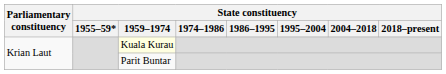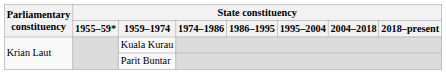 <table class="wikitable">
 <tr>
 <th rowspan="2">Parliamentary<br>constituency</th>
 <th colspan="7">State constituency</th>
 </tr>
 <tr>
 <th>1955–59*</th>
 <th>1959–1974</th>
 <th>1974–1986</th>
 <th>1986–1995</th>
 <th>1995–2004</th>
 <th>2004–2018</th>
 <th>2018–present</th>
 </tr>
 <tr>
 <td rowspan="2">Krian Laut</td>
 <td rowspan="2" bgcolor="dcdcdc"></td>
-<td style="background: lightyellow;">Kuala Kurau</td>
+<td>Kuala Kurau</td>
 <td colspan="5" bgcolor="dcdcdc"></td>
 </tr>
 <tr>
 <td>Parit Buntar</td>
 <td colspan="5" bgcolor="dcdcdc"></td>
 </tr>
 </table>
